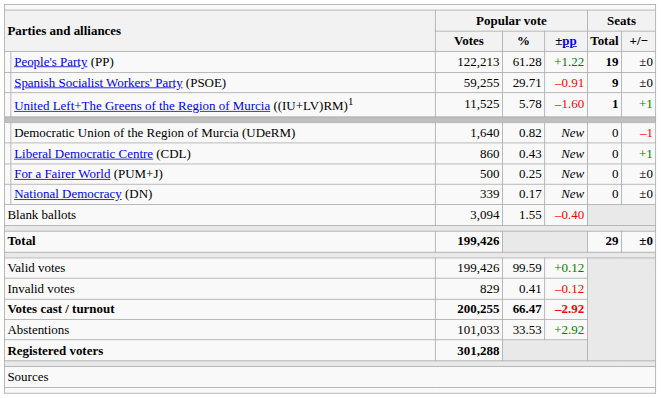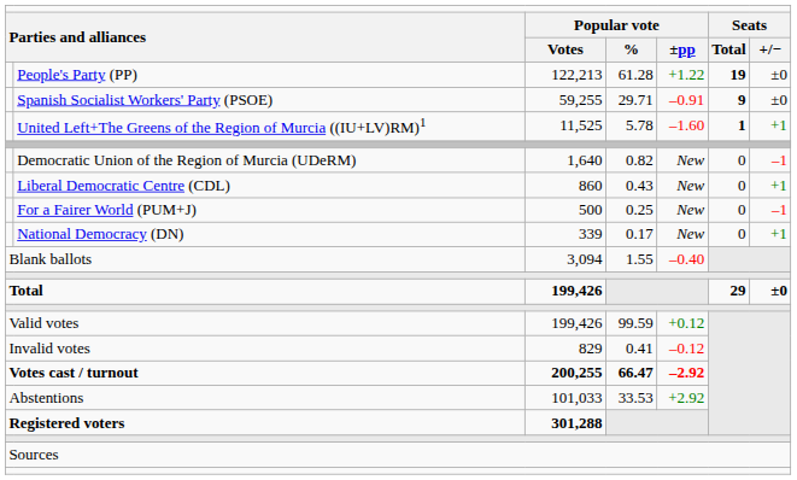 <table class="wikitable" style="text-align:right;">
 <tr>
 <td colspan="7"></td>
 </tr>
 <tr>
 <th style="text-align:left;" rowspan="2" colspan="2" width="525">Parties and alliances</th>
 <th colspan="3">Popular vote</th>
 <th colspan="2">Seats</th>
 </tr>
 <tr>
 <th width="75">Votes</th>
 <th width="45">%</th>
 <th width="45">±<a href='#'>pp</a></th>
 <th width="35">Total</th>
 <th width="35">+/−</th>
 </tr>
 <tr>
 <td width="1" style="color:inherit;background:"></td>
 <td align="left"><a href='#'>People's Party</a> (PP)</td>
 <td>122,213</td>
 <td>61.28</td>
 <td style="color:green;">+1.22</td>
 <td><strong>19</strong></td>
 <td>±0</td>
 </tr>
 <tr>
 <td style="color:inherit;background:"></td>
 <td align="left"><a href='#'>Spanish Socialist Workers' Party</a> (PSOE)</td>
 <td>59,255</td>
 <td>29.71</td>
 <td style="color:red;">–0.91</td>
 <td><strong>9</strong></td>
 <td>±0</td>
 </tr>
 <tr>
 <td style="color:inherit;background:"></td>
 <td align="left"><a href='#'>United Left+The Greens of the Region of Murcia</a> ((IU+LV)RM)<sup>1</sup></td>
 <td>11,525</td>
 <td>5.78</td>
 <td style="color:red;">–1.60</td>
 <td><strong>1</strong></td>
 <td style="color:green;">+1</td>
 </tr>
 <tr>
 <td colspan="7" bgcolor="#C0C0C0"></td>
 </tr>
 <tr>
 <td style="color:inherit;background:"></td>
 <td align="left">Democratic Union of the Region of Murcia (UDeRM)</td>
 <td>1,640</td>
 <td>0.82</td>
 <td><em>New</em></td>
 <td>0</td>
 <td style="color:red;">–1</td>
 </tr>
 <tr>
 <td style="color:inherit;background:"></td>
 <td align="left"><a href='#'>Liberal Democratic Centre</a> (CDL)</td>
 <td>860</td>
 <td>0.43</td>
 <td><em>New</em></td>
 <td>0</td>
 <td style="color:green;">+1</td>
 </tr>
 <tr>
 <td style="color:inherit;background:"></td>
 <td align="left"><a href='#'>For a Fairer World</a> (PUM+J)</td>
 <td>500</td>
 <td>0.25</td>
 <td><em>New</em></td>
 <td>0</td>
-<td>±0</td>
+<td style="color:red;">–1</td>
 </tr>
 <tr>
 <td style="color:inherit;background:"></td>
 <td align="left"><a href='#'>National Democracy</a> (DN)</td>
 <td>339</td>
 <td>0.17</td>
 <td><em>New</em></td>
 <td>0</td>
-<td>±0</td>
+<td style="color:green;">+1</td>
 </tr>
 <tr>
 <td align="left" colspan="2">Blank ballots</td>
 <td>3,094</td>
 <td>1.55</td>
 <td style="color:red;">–0.40</td>
 <td bgcolor="#E9E9E9" colspan="2"></td>
 </tr>
 <tr>
 <td colspan="7" bgcolor="#E9E9E9"></td>
 </tr>
 <tr style="font-weight:bold;">
 <td align="left" colspan="2">Total</td>
 <td>199,426</td>
 <td bgcolor="#E9E9E9" colspan="2"></td>
 <td>29</td>
 <td>±0</td>
 </tr>
 <tr>
 <td colspan="7" bgcolor="#E9E9E9"></td>
 </tr>
 <tr>
 <td align="left" colspan="2">Valid votes</td>
 <td>199,426</td>
 <td>99.59</td>
 <td style="color:green;">+0.12</td>
 <td bgcolor="#E9E9E9" colspan="2" rowspan="5"></td>
 </tr>
 <tr>
 <td align="left" colspan="2">Invalid votes</td>
 <td>829</td>
 <td>0.41</td>
 <td style="color:red;">–0.12</td>
 </tr>
 <tr style="font-weight:bold;">
 <td align="left" colspan="2">Votes cast / turnout</td>
 <td>200,255</td>
 <td>66.47</td>
 <td style="color:red;">–2.92</td>
 </tr>
 <tr>
 <td align="left" colspan="2">Abstentions</td>
 <td>101,033</td>
 <td>33.53</td>
 <td style="color:green;">+2.92</td>
 </tr>
 <tr style="font-weight:bold;">
 <td align="left" colspan="2">Registered voters</td>
 <td>301,288</td>
 <td bgcolor="#E9E9E9" colspan="2"></td>
 </tr>
 <tr>
 <td colspan="7" bgcolor="#E9E9E9"></td>
 </tr>
 <tr>
 <td align="left" colspan="7">Sources</td>
 </tr>
 <tr>
 <td colspan="7" style="text-align:left; max-width:790px;"></td>
 </tr>
 </table>
